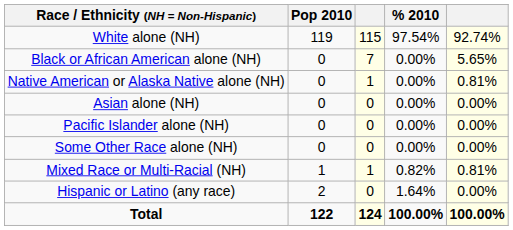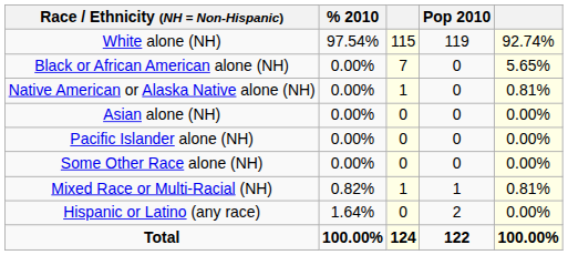 <table class="wikitable" style="text-align:center;">
 <tr>
 <th>Race / Ethnicity <small>(<em>NH = Non-Hispanic</em>)</small></th>
+<th>% 2010</th>
+<th></th>
 <th>Pop 2010</th>
-<th></th>
-<th>% 2010</th>
 <th></th>
 </tr>
 <tr>
 <td><a href='#'>White</a> alone (NH)</td>
+<td>97.54%</td>
+<td style='background: #ffffe6;'>115</td>
 <td>119</td>
-<td style='background: #ffffe6;'>115</td>
-<td>97.54%</td>
 <td style='background: #ffffe6;'>92.74%</td>
 </tr>
 <tr>
 <td><a href='#'>Black or African American</a> alone (NH)</td>
+<td>0.00%</td>
+<td style='background: #ffffe6;'>7</td>
 <td>0</td>
-<td style='background: #ffffe6;'>7</td>
-<td>0.00%</td>
 <td style='background: #ffffe6;'>5.65%</td>
 </tr>
 <tr>
 <td><a href='#'>Native American</a> or <a href='#'>Alaska Native</a> alone (NH)</td>
+<td>0.00%</td>
+<td style='background: #ffffe6;'>1</td>
 <td>0</td>
-<td style='background: #ffffe6;'>1</td>
-<td>0.00%</td>
 <td style='background: #ffffe6;'>0.81%</td>
 </tr>
 <tr>
 <td><a href='#'>Asian</a> alone (NH)</td>
+<td>0.00%</td>
+<td style='background: #ffffe6;'>0</td>
 <td>0</td>
-<td style='background: #ffffe6;'>0</td>
-<td>0.00%</td>
 <td style='background: #ffffe6;'>0.00%</td>
 </tr>
 <tr>
 <td><a href='#'>Pacific Islander</a> alone (NH)</td>
+<td>0.00%</td>
+<td style='background: #ffffe6;'>0</td>
 <td>0</td>
-<td style='background: #ffffe6;'>0</td>
-<td>0.00%</td>
 <td style='background: #ffffe6;'>0.00%</td>
 </tr>
 <tr>
 <td><a href='#'>Some Other Race</a> alone (NH)</td>
+<td>0.00%</td>
+<td style='background: #ffffe6;'>0</td>
 <td>0</td>
-<td style='background: #ffffe6;'>0</td>
-<td>0.00%</td>
 <td style='background: #ffffe6;'>0.00%</td>
 </tr>
 <tr>
 <td><a href='#'>Mixed Race or Multi-Racial</a> (NH)</td>
+<td>0.82%</td>
+<td style='background: #ffffe6;'>1</td>
 <td>1</td>
-<td style='background: #ffffe6;'>1</td>
-<td>0.82%</td>
 <td style='background: #ffffe6;'>0.81%</td>
 </tr>
 <tr>
 <td><a href='#'>Hispanic or Latino</a> (any race)</td>
+<td>1.64%</td>
+<td style='background: #ffffe6;'>0</td>
 <td>2</td>
-<td style='background: #ffffe6;'>0</td>
-<td>1.64%</td>
 <td style='background: #ffffe6;'>0.00%</td>
 </tr>
 <tr>
 <td><strong>Total</strong></td>
+<td><strong>100.00%</strong></td>
+<td style='background: #ffffe6;'><strong>124</strong></td>
 <td><strong>122</strong></td>
-<td style='background: #ffffe6;'><strong>124</strong></td>
-<td><strong>100.00%</strong></td>
 <td style='background: #ffffe6;'><strong>100.00%</strong></td>
 </tr>
 </table>
